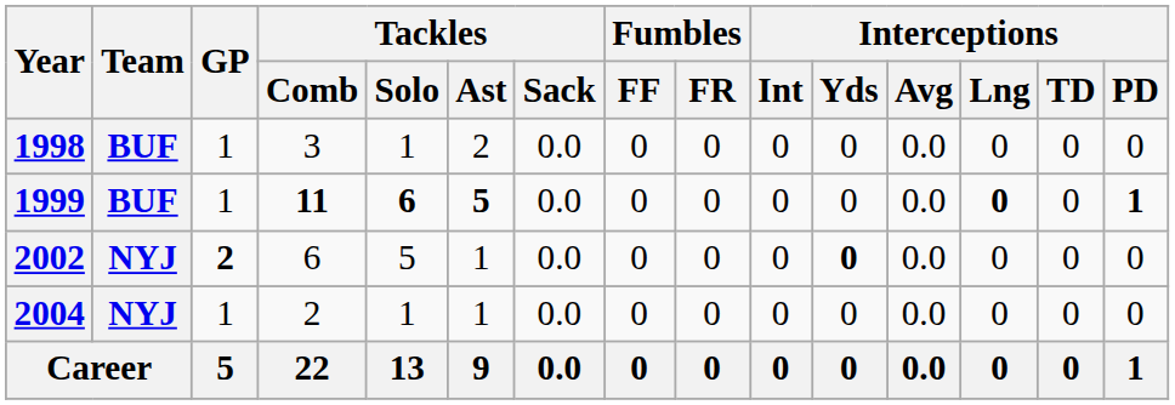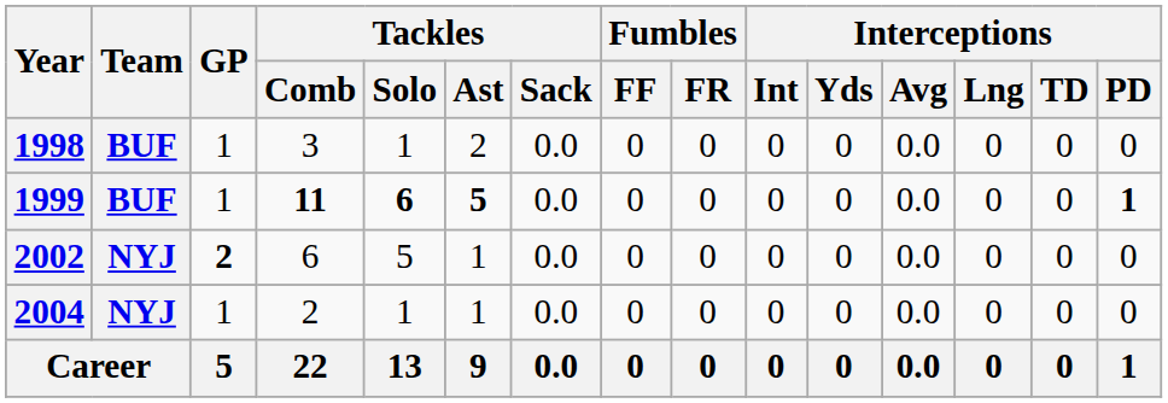 <table class="wikitable" style="text-align:center">
 <tr>
 <th rowspan="2">Year</th>
 <th rowspan="2">Team</th>
 <th rowspan="2">GP</th>
 <th colspan="4">Tackles</th>
 <th colspan="2">Fumbles</th>
 <th colspan="6">Interceptions</th>
 </tr>
 <tr>
 <th>Comb</th>
 <th>Solo</th>
 <th>Ast</th>
 <th>Sack</th>
 <th>FF</th>
 <th>FR</th>
 <th>Int</th>
 <th>Yds</th>
 <th>Avg</th>
 <th>Lng</th>
 <th>TD</th>
 <th>PD</th>
 </tr>
 <tr>
 <th><a href='#'>1998</a></th>
 <th><a href='#'>BUF</a></th>
 <td>1</td>
 <td>3</td>
 <td>1</td>
 <td>2</td>
 <td>0.0</td>
 <td>0</td>
 <td>0</td>
 <td>0</td>
 <td>0</td>
 <td>0.0</td>
 <td>0</td>
 <td>0</td>
 <td>0</td>
 </tr>
 <tr>
 <th><a href='#'>1999</a></th>
 <th><a href='#'>BUF</a></th>
 <td>1</td>
 <td><strong>11</strong></td>
 <td><strong>6</strong></td>
 <td><strong>5</strong></td>
 <td>0.0</td>
 <td>0</td>
 <td>0</td>
 <td>0</td>
 <td>0</td>
 <td>0.0</td>
-<td><strong>0</strong></td>
+<td>0</td>
 <td>0</td>
 <td><strong>1</strong></td>
 </tr>
 <tr>
 <th><a href='#'>2002</a></th>
 <th><a href='#'>NYJ</a></th>
 <td><strong>2</strong></td>
 <td>6</td>
 <td>5</td>
 <td>1</td>
 <td>0.0</td>
 <td>0</td>
 <td>0</td>
 <td>0</td>
-<td><strong>0</strong></td>
+<td>0</td>
 <td>0.0</td>
 <td>0</td>
 <td>0</td>
 <td>0</td>
 </tr>
 <tr>
 <th><a href='#'>2004</a></th>
 <th><a href='#'>NYJ</a></th>
 <td>1</td>
 <td>2</td>
 <td>1</td>
 <td>1</td>
 <td>0.0</td>
 <td>0</td>
 <td>0</td>
 <td>0</td>
 <td>0</td>
 <td>0.0</td>
 <td>0</td>
 <td>0</td>
 <td>0</td>
 </tr>
 <tr>
 <th colspan="2">Career</th>
 <th>5</th>
 <th>22</th>
 <th>13</th>
 <th>9</th>
 <th>0.0</th>
 <th>0</th>
 <th>0</th>
 <th>0</th>
 <th>0</th>
 <th>0.0</th>
 <th>0</th>
 <th>0</th>
 <th>1</th>
 </tr>
 </table>
